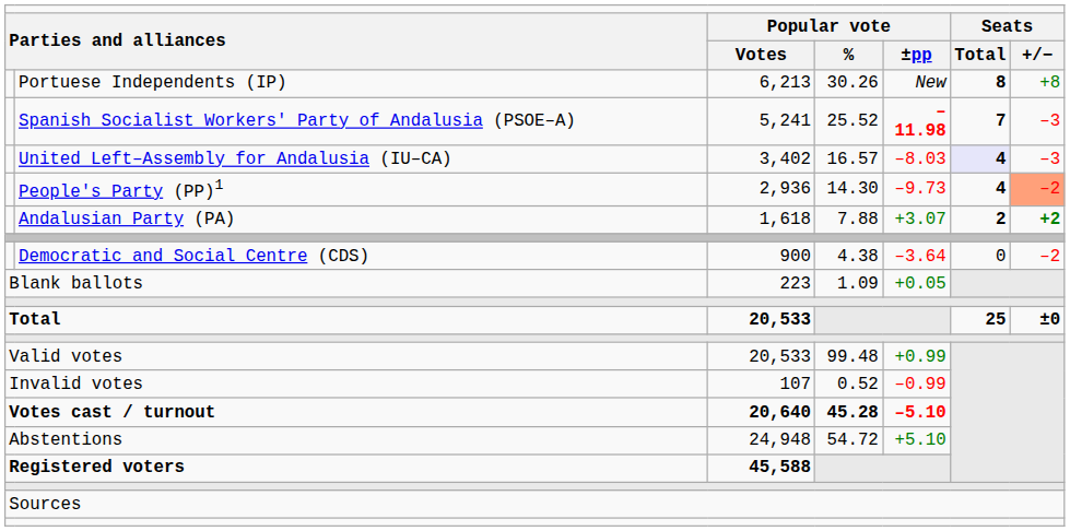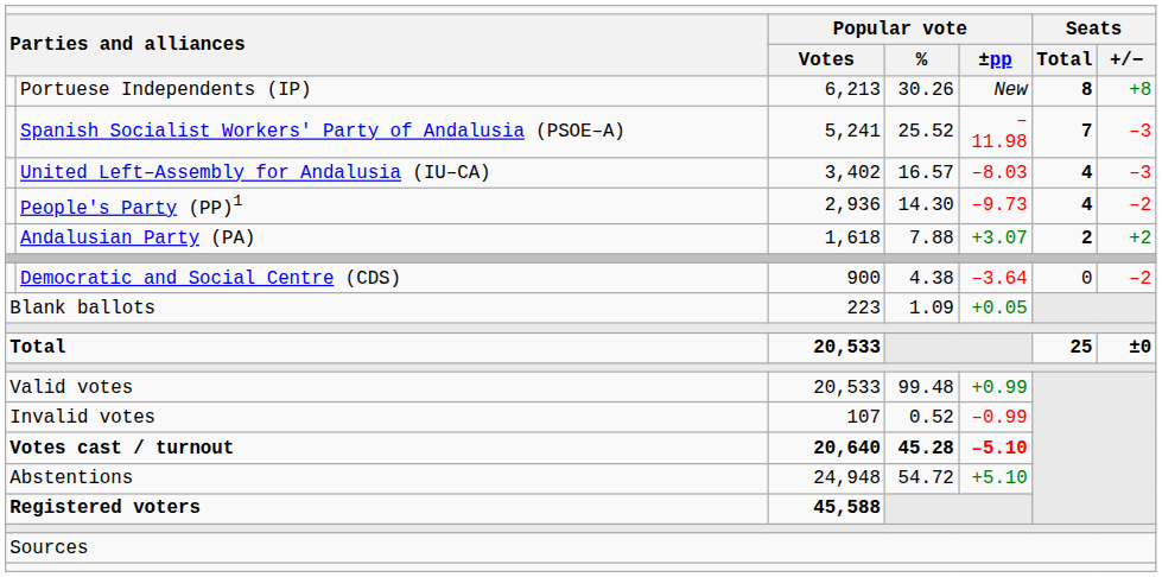 <table class="wikitable" style="text-align:right;">
 <tr>
 <td colspan="7"></td>
 </tr>
 <tr>
 <th style="text-align:left;" rowspan="2" colspan="2" width="525">Parties and alliances</th>
 <th colspan="3">Popular vote</th>
 <th colspan="2">Seats</th>
 </tr>
 <tr>
 <th width="75">Votes</th>
 <th width="45">%</th>
 <th width="45">±<a href='#'>pp</a></th>
 <th width="35">Total</th>
 <th width="35">+/−</th>
 </tr>
 <tr>
 <td width="1" style="color:inherit;background:"></td>
 <td align="left">Portuese Independents (IP)</td>
 <td>6,213</td>
 <td>30.26</td>
 <td><em>New</em></td>
 <td><strong>8</strong></td>
 <td style="color:green;">+8</td>
 </tr>
 <tr>
 <td style="color:inherit;background:"></td>
 <td align="left"><a href='#'>Spanish Socialist Workers' Party of Andalusia</a> (PSOE–A)</td>
 <td>5,241</td>
 <td>25.52</td>
-<td style="color:red;"><strong>–11.98</strong></td>
+<td style="color:red;">–11.98</td>
 <td><strong>7</strong></td>
 <td style="color:red;">–3</td>
 </tr>
 <tr>
 <td style="color:inherit;background:"></td>
 <td align="left"><a href='#'>United Left–Assembly for Andalusia</a> (IU–CA)</td>
 <td>3,402</td>
 <td>16.57</td>
 <td style="color:red;">–8.03</td>
-<td style="background: lavender;"><strong>4</strong></td>
+<td><strong>4</strong></td>
 <td style="color:red;">–3</td>
 </tr>
 <tr>
 <td style="color:inherit;background:"></td>
 <td align="left"><a href='#'>People's Party</a> (PP)<sup>1</sup></td>
 <td>2,936</td>
 <td>14.30</td>
 <td style="color:red;">–9.73</td>
 <td><strong>4</strong></td>
-<td style="background: lightsalmon; color:red;">–2</td>
+<td style="color:red;">–2</td>
 </tr>
 <tr>
 <td style="color:inherit;background:"></td>
 <td align="left"><a href='#'>Andalusian Party</a> (PA)</td>
 <td>1,618</td>
 <td>7.88</td>
 <td style="color:green;">+3.07</td>
 <td><strong>2</strong></td>
-<td style="color:green;"><strong>+2</strong></td>
+<td style="color:green;">+2</td>
 </tr>
 <tr>
 <td colspan="7" bgcolor="#C0C0C0"></td>
 </tr>
 <tr>
 <td style="color:inherit;background:"></td>
 <td align="left"><a href='#'>Democratic and Social Centre</a> (CDS)</td>
 <td>900</td>
 <td>4.38</td>
 <td style="color:red;">–3.64</td>
 <td>0</td>
 <td style="color:red;">–2</td>
 </tr>
 <tr>
 <td align="left" colspan="2">Blank ballots</td>
 <td>223</td>
 <td>1.09</td>
 <td style="color:green;">+0.05</td>
 <td bgcolor="#E9E9E9" colspan="2"></td>
 </tr>
 <tr>
 <td colspan="7" bgcolor="#E9E9E9"></td>
 </tr>
 <tr style="font-weight:bold;">
 <td align="left" colspan="2">Total</td>
 <td>20,533</td>
 <td bgcolor="#E9E9E9" colspan="2"></td>
 <td>25</td>
 <td>±0</td>
 </tr>
 <tr>
 <td colspan="7" bgcolor="#E9E9E9"></td>
 </tr>
 <tr>
 <td align="left" colspan="2">Valid votes</td>
 <td>20,533</td>
 <td>99.48</td>
 <td style="color:green;">+0.99</td>
 <td bgcolor="#E9E9E9" colspan="2" rowspan="5"></td>
 </tr>
 <tr>
 <td align="left" colspan="2">Invalid votes</td>
 <td>107</td>
 <td>0.52</td>
 <td style="color:red;">–0.99</td>
 </tr>
 <tr style="font-weight:bold;">
 <td align="left" colspan="2">Votes cast / turnout</td>
 <td>20,640</td>
 <td>45.28</td>
 <td style="color:red;">–5.10</td>
 </tr>
 <tr>
 <td align="left" colspan="2">Abstentions</td>
 <td>24,948</td>
 <td>54.72</td>
 <td style="color:green;">+5.10</td>
 </tr>
 <tr style="font-weight:bold;">
 <td align="left" colspan="2">Registered voters</td>
 <td>45,588</td>
 <td bgcolor="#E9E9E9" colspan="2"></td>
 </tr>
 <tr>
 <td colspan="7" bgcolor="#E9E9E9"></td>
 </tr>
 <tr>
 <td align="left" colspan="7">Sources</td>
 </tr>
 <tr>
 <td colspan="7" style="text-align:left; max-width:790px;"></td>
 </tr>
 </table>
